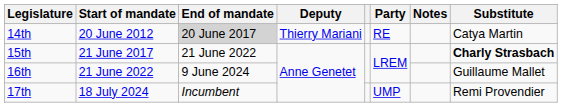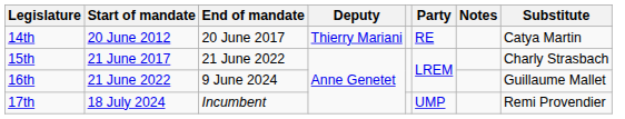 <table class="wikitable">
 <tr>
 <th>Legislature</th>
 <th>Start of mandate</th>
 <th>End of mandate</th>
 <th>Deputy</th>
 <th></th>
 <th>Party</th>
 <th>Notes</th>
 <th>Substitute</th>
 </tr>
 <tr>
 <td><a href='#'>14th</a></td>
 <td><a href='#'>20 June 2012</a></td>
-<td style="background: lightgrey;">20 June 2017</td>
+<td>20 June 2017</td>
 <td><a href='#'>Thierry Mariani</a></td>
 <td style="color:inherit;background:"></td>
 <td><a href='#'>RE</a></td>
 <td></td>
 <td>Catya Martin</td>
 </tr>
 <tr>
 <td><a href='#'>15th</a></td>
 <td><a href='#'>21 June 2017</a></td>
 <td>21 June 2022</td>
 <td rowspan="3"><a href='#'>Anne Genetet</a></td>
 <td rowspan="2" style="color:inherit;background:"></td>
 <td rowspan="2"><a href='#'>LREM</a></td>
 <td></td>
-<td><strong>Charly Strasbach</strong></td>
+<td>Charly Strasbach</td>
 </tr>
 <tr>
 <td><a href='#'>16th</a></td>
 <td><a href='#'>21 June 2022</a></td>
 <td>9 June 2024</td>
 <td></td>
 <td>Guillaume Mallet</td>
 </tr>
 <tr>
 <td><a href='#'>17th</a></td>
 <td><a href='#'>18 July 2024</a></td>
 <td><em>Incumbent</em></td>
 <td style="color:inherit;background:"></td>
 <td><a href='#'>UMP</a></td>
 <td></td>
 <td>Remi Provendier</td>
 </tr>
 </table>
